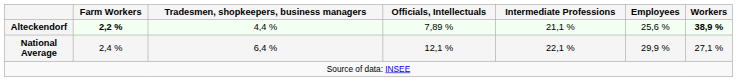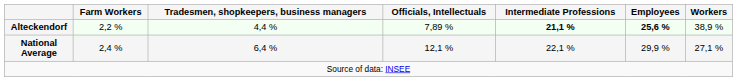 <table class="wikitable" style="margin:1em auto; font-size:90%; width:90%; border:0; text-align:center; line-height:120%;">
 <tr>
 <th style="background:#f5f5f5; color:#000; width:100px;"> </th>
 <th style="background: #F5F5F5; color:black;">Farm Workers</th>
 <th style="background: #F5F5F5; color:black;">Tradesmen, shopkeepers, business managers</th>
 <th style="background: #F5F5F5; color:black;">Officials, Intellectuals</th>
 <th style="background: #F5F5F5; color:black;">Intermediate Professions</th>
 <th style="background: #F5F5F5; color:black;">Employees</th>
 <th style="background: #F5F5F5; color:black;">Workers</th>
 </tr>
 <tr>
 <th style="background: #F5F5F5; color:black;">Alteckendorf</th>
-<td style="background: #F3FFF3; color:black;"><strong>2,2 %</strong></td>
+<td style="background: #F3FFF3; color:black;">2,2 %</td>
 <td style="background: #F3FFF3; color:black;">4,4 %</td>
 <td style="background: #F3FFF3; color:black;">7,89 %</td>
-<td style="background: #F3FFF3; color:black;">21,1 %</td>
-<td style="background: #F3FFF3; color:black;">25,6 %</td>
-<td style="background: #F3FFF3; color:black;"><strong>38,9 %</strong></td>
+<td style="background: #F3FFF3; color:black;"><strong>21,1 %</strong></td>
+<td style="background: #F3FFF3; color:black;"><strong>25,6 %</strong></td>
+<td style="background: #F3FFF3; color:black;">38,9 %</td>
 </tr>
 <tr>
 <th style="background:#f5f5f5; color:black; height:16px;">National Average</th>
 <td style="background: #F5F5F5; color: black;">2,4 %</td>
 <td style="background: #F5F5F5; color: black;">6,4 %</td>
 <td style="background: #F5F5F5; color: black;">12,1 %</td>
 <td style="background: #F5F5F5; color: black;">22,1 %</td>
 <td style="background: #F5F5F5; color: black;">29,9 %</td>
 <td style="background: #F5F5F5; color: black;">27,1 %</td>
 </tr>
 <tr>
 <td colspan="7" style="text-align:center;font-size:90%;">Source of data: <a href='#'>INSEE</a></td>
 </tr>
 </table>
